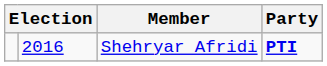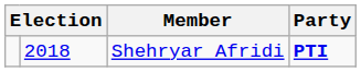 <table class="wikitable">
 <tr>
 <th colspan="2">Election</th>
 <th>Member</th>
 <th>Party</th>
 </tr>
 <tr>
 <td style="background-color: "></td>
-<td><a href='#'>2016</a></td>
+<td><a href='#'>2018</a></td>
 <td><a href='#'>Shehryar Afridi</a></td>
 <td><strong><a href='#'>PTI</a></strong></td>
 </tr>
 </table>
